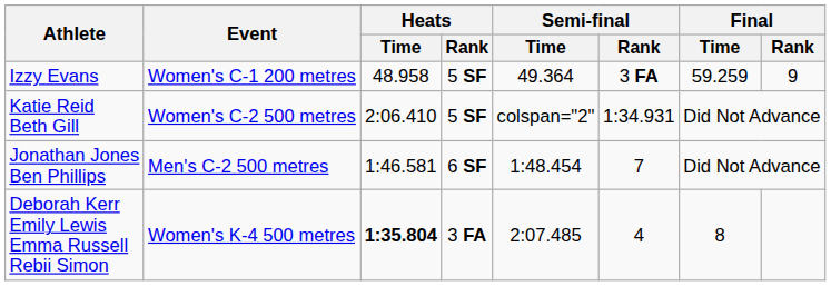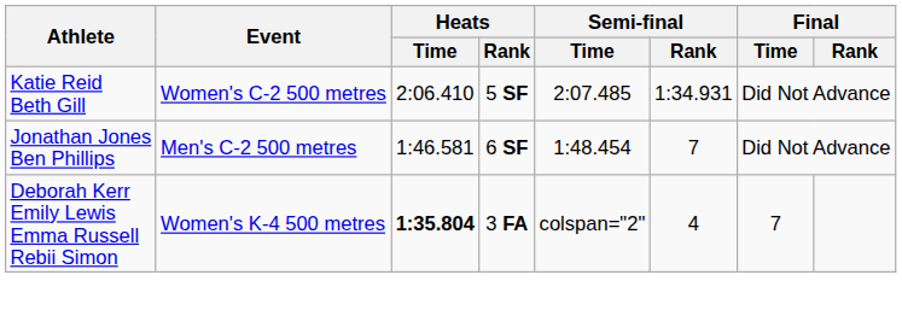 <table class=wikitable style=font-size:90%;text-align:center>
 <tr>
 <th rowspan=2>Athlete</th>
 <th rowspan=2>Event</th>
 <th colspan=2>Heats</th>
 <th colspan=2>Semi-final</th>
 <th colspan=2>Final</th>
 </tr>
 <tr style=font-size:95%>
 <th>Time</th>
 <th>Rank</th>
 <th>Time</th>
 <th>Rank</th>
 <th>Time</th>
 <th>Rank</th>
 </tr>
 <tr>
-<td align=left><a href='#'>Izzy Evans</a></td>
-<td align=left><a href='#'>Women's C-1 200 metres</a></td>
-<td>48.958</td>
-<td>5 <strong>SF</strong></td>
-<td>49.364</td>
-<td>3 <strong>FA</strong></td>
-<td>59.259</td>
-<td>9</td>
-</tr>
-<tr>
 <td align=left><a href='#'>Katie Reid</a><br><a href='#'>Beth Gill</a></td>
 <td align=left><a href='#'>Women's C-2 500 metres</a></td>
 <td>2:06.410</td>
 <td>5 <strong>SF</strong></td>
-<td>colspan="2" </td>
+<td>2:07.485</td>
 <td>1:34.931</td>
 <td colspan="2">Did Not Advance</td>
 </tr>
 <tr>
 <td align=left><a href='#'>Jonathan Jones</a><br><a href='#'>Ben Phillips</a></td>
 <td align=left><a href='#'>Men's C-2 500 metres</a></td>
 <td>1:46.581</td>
 <td>6 <strong>SF</strong></td>
 <td>1:48.454</td>
 <td>7</td>
 <td colspan="2">Did Not Advance</td>
 </tr>
 <tr>
 <td align=left><a href='#'>Deborah Kerr</a><br><a href='#'>Emily Lewis</a><br><a href='#'>Emma Russell</a><br><a href='#'>Rebii Simon</a></td>
 <td align=left><a href='#'>Women's K-4 500 metres</a></td>
 <td><strong>1:35.804</strong></td>
 <td>3 <strong>FA</strong></td>
-<td>2:07.485</td>
+<td>colspan="2" </td>
 <td>4</td>
-<td>8</td>
+<td>7</td>
 </tr>
 </table>
